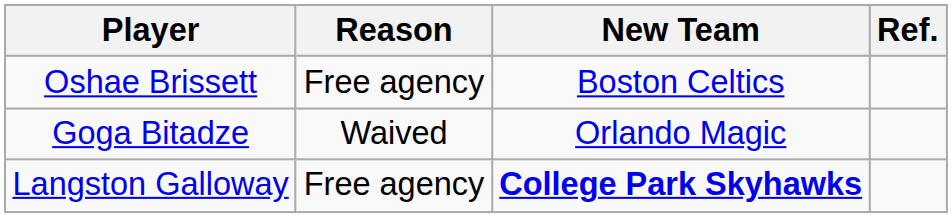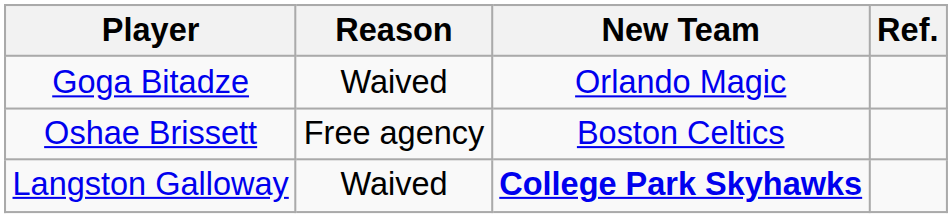 <table class="wikitable sortable sortable" style="text-align: center">
 <tr>
 <th>Player</th>
 <th>Reason</th>
 <th>New Team</th>
 <th>Ref.</th>
 </tr>
 <tr>
+<td><a href='#'>Goga Bitadze</a></td>
+<td>Waived</td>
+<td><a href='#'>Orlando Magic</a></td>
+<td></td>
+</tr>
+<tr>
 <td><a href='#'>Oshae Brissett</a></td>
 <td>Free agency</td>
 <td><a href='#'>Boston Celtics</a></td>
 <td></td>
 </tr>
 <tr>
-<td><a href='#'>Goga Bitadze</a></td>
+<td><a href='#'>Langston Galloway</a></td>
 <td>Waived</td>
-<td><a href='#'>Orlando Magic</a></td>
-<td></td>
-</tr>
-<tr>
-<td><a href='#'>Langston Galloway</a></td>
-<td>Free agency</td>
 <td><strong><a href='#'>College Park Skyhawks</a></strong></td>
 <td></td>
 </tr>
 </table>
